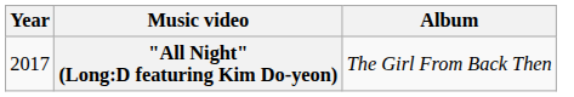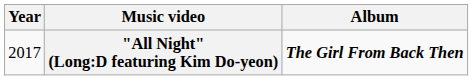 <table class="wikitable plainrowheaders" style="text-align:center; table-layout:fixed; margin-right:0">
 <tr>
 <th>Year</th>
 <th>Music video</th>
 <th>Album</th>
 </tr>
 <tr>
 <td>2017</td>
 <th scope="row">"All Night"<br>(Long:D featuring Kim Do-yeon)</th>
-<td><em>The Girl From Back Then</em></td>
+<td><strong><em>The Girl From Back Then</em></strong></td>
 </tr>
 </table>
